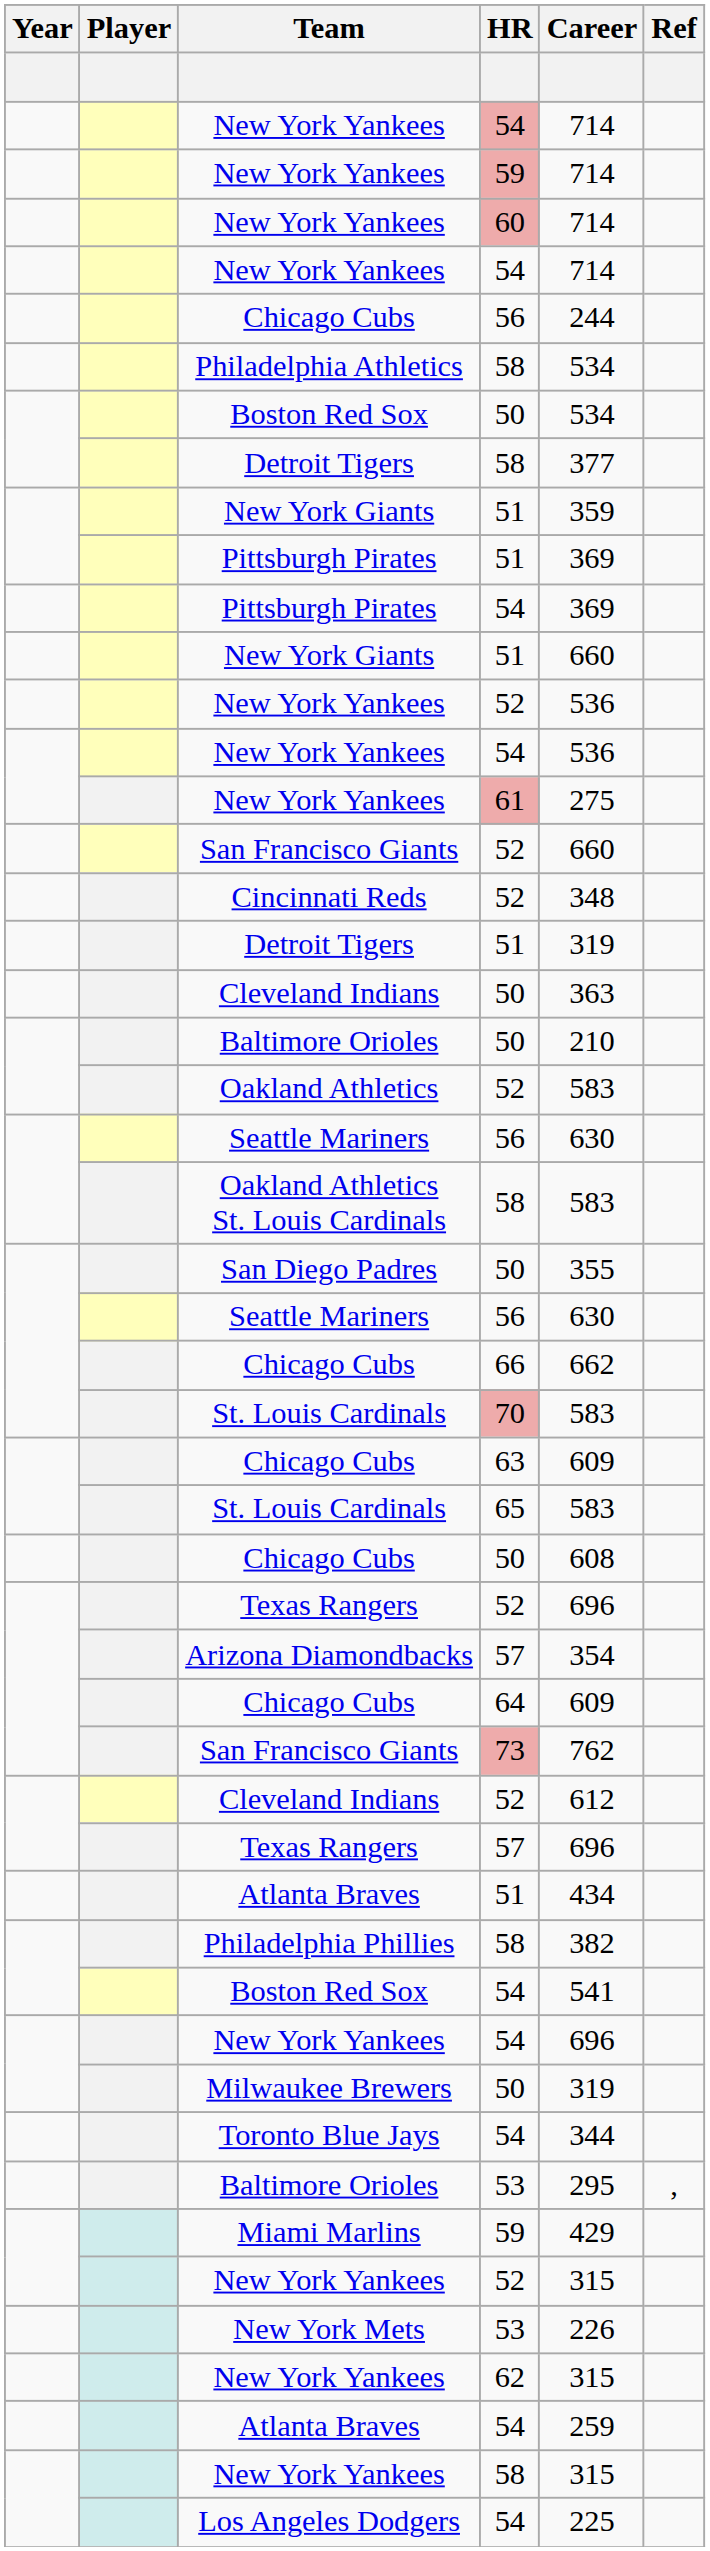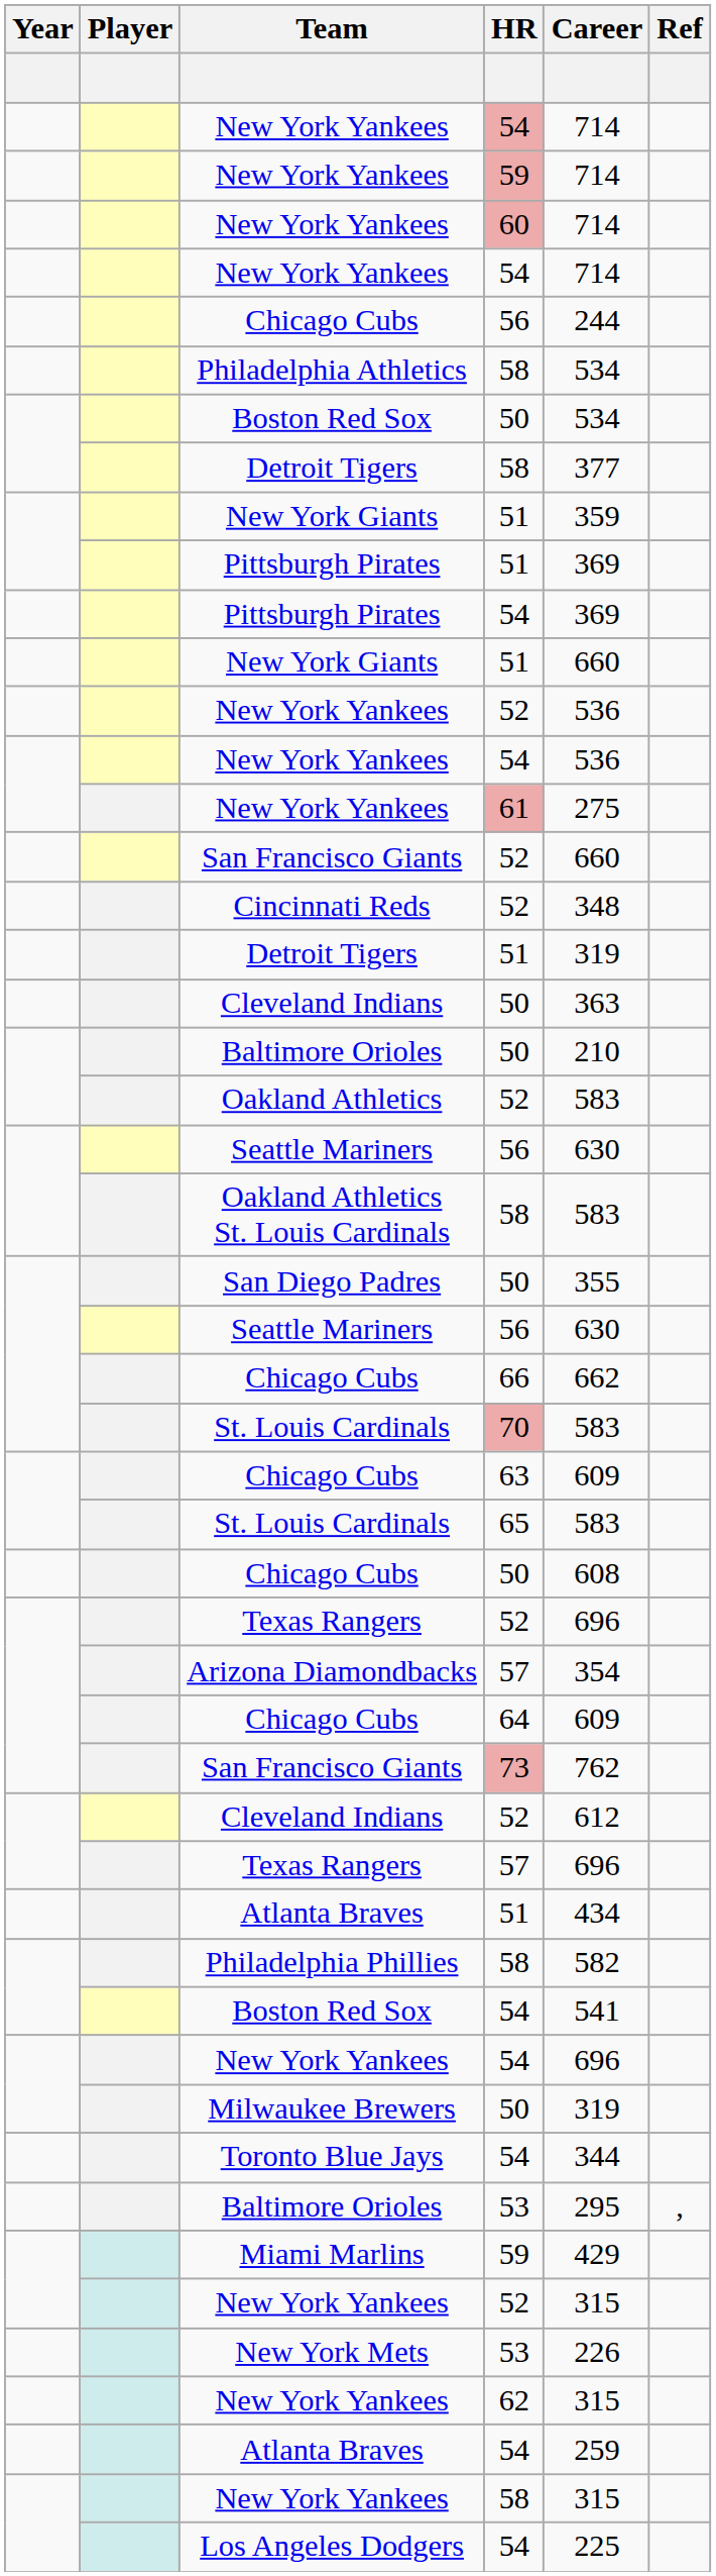 <table class="wikitable sortable plainrowheaders" style="text-align:center;">
 <tr>
 <th scope="col">Year</th>
 <th scope="col">Player</th>
 <th scope="col">Team</th>
 <th scope="col">HR</th>
 <th scope="col">Career</th>
 <th scope="col" class="unsortable">Ref</th>
 </tr>
 <tr>
 <th></th>
 <th></th>
 <th></th>
 <th></th>
 <th></th>
 <th> </th>
 </tr>
 <tr>
 <td></td>
 <th scope="row" style="text-align:center; background-color: #ffffbb"></th>
 <td><a href='#'>New York Yankees</a></td>
 <td style="background-color:#eeabab;">54</td>
 <td>714</td>
 <td></td>
 </tr>
 <tr>
 <td></td>
 <th scope="row" style="text-align:center; background-color: #ffffbb"> </th>
 <td><a href='#'>New York Yankees</a></td>
 <td style="background-color:#eeabab;">59</td>
 <td>714</td>
 <td></td>
 </tr>
 <tr>
 <td></td>
 <th scope="row" style="text-align:center; background-color: #ffffbb"> </th>
 <td><a href='#'>New York Yankees</a></td>
 <td style="background-color:#eeabab;">60</td>
 <td>714</td>
 <td></td>
 </tr>
 <tr>
 <td></td>
 <th scope="row" style="text-align:center; background-color: #ffffbb"> </th>
 <td><a href='#'>New York Yankees</a></td>
 <td>54</td>
 <td>714</td>
 <td></td>
 </tr>
 <tr>
 <td></td>
 <th scope="row" style="text-align:center; background-color: #ffffbb"></th>
 <td><a href='#'>Chicago Cubs</a></td>
 <td>56</td>
 <td>244</td>
 <td></td>
 </tr>
 <tr>
 <td></td>
 <th scope="row" style="text-align:center; background-color: #ffffbb"></th>
 <td><a href='#'>Philadelphia Athletics</a></td>
 <td>58</td>
 <td>534</td>
 <td></td>
 </tr>
 <tr>
 <td rowspan=2></td>
 <th scope="row" style="text-align:center; background-color: #ffffbb"> </th>
 <td><a href='#'>Boston Red Sox</a></td>
 <td>50</td>
 <td>534</td>
 <td></td>
 </tr>
 <tr>
 <th scope="row" style="text-align:center; background-color: #ffffbb"></th>
 <td><a href='#'>Detroit Tigers</a></td>
 <td>58</td>
 <td>377</td>
 <td></td>
 </tr>
 <tr>
 <td rowspan=2></td>
 <th scope="row" style="text-align:center; background-color: #ffffbb"></th>
 <td><a href='#'>New York Giants</a></td>
 <td>51</td>
 <td>359</td>
 <td></td>
 </tr>
 <tr>
 <th scope="row" style="text-align:center; background-color: #ffffbb"></th>
 <td><a href='#'>Pittsburgh Pirates</a></td>
 <td>51</td>
 <td>369</td>
 <td></td>
 </tr>
 <tr>
 <td></td>
 <th scope="row" style="text-align:center; background-color: #ffffbb"> </th>
 <td><a href='#'>Pittsburgh Pirates</a></td>
 <td>54</td>
 <td>369</td>
 <td></td>
 </tr>
 <tr>
 <td></td>
 <th scope="row" style="text-align:center; background-color: #ffffbb"></th>
 <td><a href='#'>New York Giants</a></td>
 <td>51</td>
 <td>660</td>
 <td></td>
 </tr>
 <tr>
 <td></td>
 <th scope="row" style="text-align:center; background-color: #ffffbb"></th>
 <td><a href='#'>New York Yankees</a></td>
 <td>52</td>
 <td>536</td>
 <td></td>
 </tr>
 <tr>
 <td rowspan=2></td>
 <th scope="row" style="text-align:center; background-color: #ffffbb"> </th>
 <td><a href='#'>New York Yankees</a></td>
 <td>54</td>
 <td>536</td>
 <td></td>
 </tr>
 <tr>
 <th scope="row" style="text-align:center"></th>
 <td><a href='#'>New York Yankees</a></td>
 <td style="background-color:#eeabab;">61</td>
 <td>275</td>
 <td></td>
 </tr>
 <tr>
 <td></td>
 <th scope="row" style="text-align:center; background-color: #ffffbb"> </th>
 <td><a href='#'>San Francisco Giants</a></td>
 <td>52</td>
 <td>660</td>
 <td></td>
 </tr>
 <tr>
 <td></td>
 <th scope="row" style="text-align:center"></th>
 <td><a href='#'>Cincinnati Reds</a></td>
 <td>52</td>
 <td>348</td>
 <td></td>
 </tr>
 <tr>
 <td></td>
 <th scope="row" style="text-align:center"></th>
 <td><a href='#'>Detroit Tigers</a></td>
 <td>51</td>
 <td>319</td>
 <td></td>
 </tr>
 <tr>
 <td></td>
 <th scope="row" style="text-align:center"></th>
 <td><a href='#'>Cleveland Indians</a></td>
 <td>50</td>
 <td>363</td>
 <td></td>
 </tr>
 <tr>
 <td rowspan=2></td>
 <th scope="row" style="text-align:center"></th>
 <td><a href='#'>Baltimore Orioles</a></td>
 <td>50</td>
 <td>210</td>
 <td></td>
 </tr>
 <tr>
 <th scope="row" style="text-align:center"></th>
 <td><a href='#'>Oakland Athletics</a></td>
 <td>52</td>
 <td>583</td>
 <td></td>
 </tr>
 <tr>
 <td rowspan=2></td>
 <th scope="row" style="text-align:center; background-color: #ffffbb"></th>
 <td><a href='#'>Seattle Mariners</a></td>
 <td>56</td>
 <td>630</td>
 <td></td>
 </tr>
 <tr>
 <th scope="row" style="text-align:center"> </th>
 <td><a href='#'>Oakland Athletics</a><br><a href='#'>St. Louis Cardinals</a></td>
 <td>58</td>
 <td>583</td>
 <td></td>
 </tr>
 <tr>
 <td rowspan=4></td>
 <th scope="row" style="text-align:center"></th>
 <td><a href='#'>San Diego Padres</a></td>
 <td>50</td>
 <td>355</td>
 <td></td>
 </tr>
 <tr>
 <th scope="row" style="text-align:center; background-color: #ffffbb"> </th>
 <td><a href='#'>Seattle Mariners</a></td>
 <td>56</td>
 <td>630</td>
 <td></td>
 </tr>
 <tr>
 <th scope="row" style="text-align:center"></th>
 <td><a href='#'>Chicago Cubs</a></td>
 <td>66</td>
 <td>662</td>
 <td></td>
 </tr>
 <tr>
 <th scope="row" style="text-align:center"> </th>
 <td><a href='#'>St. Louis Cardinals</a></td>
 <td style="background-color:#eeabab;">70</td>
 <td>583</td>
 <td></td>
 </tr>
 <tr>
 <td rowspan=2></td>
 <th scope="row" style="text-align:center"> </th>
 <td><a href='#'>Chicago Cubs</a></td>
 <td>63</td>
 <td>609</td>
 <td></td>
 </tr>
 <tr>
 <th scope="row" style="text-align:center"> </th>
 <td><a href='#'>St. Louis Cardinals</a></td>
 <td>65</td>
 <td>583</td>
 <td></td>
 </tr>
 <tr>
 <td></td>
 <th scope="row" style="text-align:center"> </th>
 <td><a href='#'>Chicago Cubs</a></td>
 <td>50</td>
 <td>608</td>
 <td></td>
 </tr>
 <tr>
 <td rowspan=4></td>
 <th scope="row" style="text-align:center"></th>
 <td><a href='#'>Texas Rangers</a></td>
 <td>52</td>
 <td>696</td>
 <td></td>
 </tr>
 <tr>
 <th scope="row" style="text-align:center"></th>
 <td><a href='#'>Arizona Diamondbacks</a></td>
 <td>57</td>
 <td>354</td>
 <td></td>
 </tr>
 <tr>
 <th scope="row" style="text-align:center"> </th>
 <td><a href='#'>Chicago Cubs</a></td>
 <td>64</td>
 <td>609</td>
 <td></td>
 </tr>
 <tr>
 <th scope="row" style="text-align:center"></th>
 <td><a href='#'>San Francisco Giants</a></td>
 <td style="background-color:#eeabab;">73</td>
 <td>762</td>
 <td></td>
 </tr>
 <tr>
 <td rowspan=2></td>
 <th scope="row" style="text-align:center; background-color: #ffffbb"></th>
 <td><a href='#'>Cleveland Indians</a></td>
 <td>52</td>
 <td>612</td>
 <td></td>
 </tr>
 <tr>
 <th scope="row" style="text-align:center"> </th>
 <td><a href='#'>Texas Rangers</a></td>
 <td>57</td>
 <td>696</td>
 <td></td>
 </tr>
 <tr>
 <td></td>
 <th scope="row" style="text-align:center;"></th>
 <td><a href='#'>Atlanta Braves</a></td>
 <td>51</td>
 <td>434</td>
 <td></td>
 </tr>
 <tr>
 <td rowspan=2></td>
 <th scope="row" style="text-align:center;"></th>
 <td><a href='#'>Philadelphia Phillies</a></td>
 <td>58</td>
-<td>382</td>
+<td>582</td>
 <td></td>
 </tr>
 <tr>
 <th scope="row" style="text-align:center; background-color: #ffffbb"></th>
 <td><a href='#'>Boston Red Sox</a></td>
 <td>54</td>
 <td>541</td>
 <td></td>
 </tr>
 <tr>
 <td rowspan=2></td>
 <th scope="row" style="text-align:center"> </th>
 <td><a href='#'>New York Yankees</a></td>
 <td>54</td>
 <td>696</td>
 <td></td>
 </tr>
 <tr>
 <th scope="row" style="text-align:center"></th>
 <td><a href='#'>Milwaukee Brewers</a></td>
 <td>50</td>
 <td>319</td>
 <td></td>
 </tr>
 <tr>
 <td></td>
 <th scope="row" style="text-align:center;"></th>
 <td><a href='#'>Toronto Blue Jays</a></td>
 <td>54</td>
 <td>344</td>
 <td></td>
 </tr>
 <tr>
 <td></td>
 <th scope="row" style="text-align:center;"></th>
 <td><a href='#'>Baltimore Orioles</a></td>
 <td>53</td>
 <td>295</td>
 <td>&comma; </td>
 </tr>
 <tr>
 <td rowspan=2></td>
 <th scope="row" style="text-align:center; background:#cfecec;"></th>
 <td><a href='#'>Miami Marlins</a></td>
 <td>59</td>
 <td>429</td>
 <td></td>
 </tr>
 <tr>
 <th scope="row" style="text-align:center; background:#cfecec;"></th>
 <td><a href='#'>New York Yankees</a></td>
 <td>52</td>
 <td>315</td>
 <td></td>
 </tr>
 <tr>
 <td></td>
 <th scope="row" style="text-align:center; background:#cfecec;"></th>
 <td><a href='#'>New York Mets</a></td>
 <td>53</td>
 <td>226</td>
 <td></td>
 </tr>
 <tr>
 <td></td>
 <th scope="row" style="text-align:center; background:#cfecec;"> </th>
 <td><a href='#'>New York Yankees</a></td>
 <td>62</td>
 <td>315</td>
 <td></td>
 </tr>
 <tr>
 <td></td>
 <th scope="row" style="text-align:center; background:#cfecec;"></th>
 <td><a href='#'>Atlanta Braves</a></td>
 <td>54</td>
 <td>259</td>
 <td></td>
 </tr>
 <tr>
 <td rowspan=2></td>
 <th scope="row" style="text-align:center; background:#cfecec;"> </th>
 <td><a href='#'>New York Yankees</a></td>
 <td>58</td>
 <td>315</td>
 <td></td>
 </tr>
 <tr>
 <th scope="row" style="text-align:center; background:#cfecec;"></th>
 <td><a href='#'>Los Angeles Dodgers</a></td>
 <td>54</td>
 <td>225</td>
 <td></td>
 </tr>
 </table>
